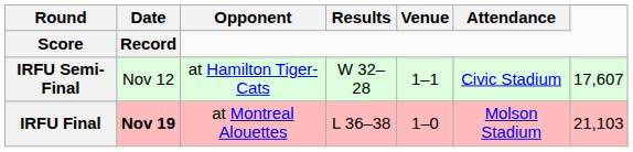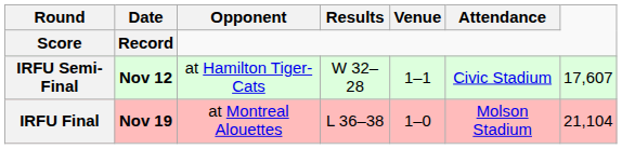 <table class="wikitable" style="text-align:center">
 <tr>
 <th>Round</th>
 <th>Date</th>
 <th>Opponent</th>
 <th>Results</th>
 <th>Venue</th>
 <th>Attendance</th>
 </tr>
 <tr>
 <th>Score</th>
 <th>Record</th>
 </tr>
 <tr style="background:#ddffdd">
 <th>IRFU Semi-Final</th>
-<td>Nov 12</td>
+<td><strong>Nov 12</strong></td>
 <td>at <a href='#'>Hamilton Tiger-Cats</a></td>
 <td>W 32–28</td>
 <td>1–1</td>
 <td><a href='#'>Civic Stadium</a></td>
 <td>17,607</td>
 </tr>
 <tr style="background:#ffbbbb">
 <th>IRFU Final</th>
 <td><strong>Nov 19</strong></td>
 <td>at <a href='#'>Montreal Alouettes</a></td>
 <td>L 36–38</td>
 <td>1–0</td>
 <td><a href='#'>Molson Stadium</a></td>
-<td>21,103</td>
+<td>21,104</td>
 </tr>
 </table>
